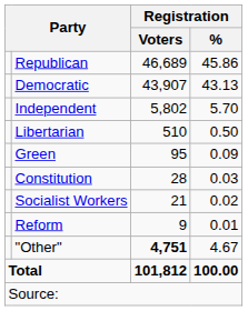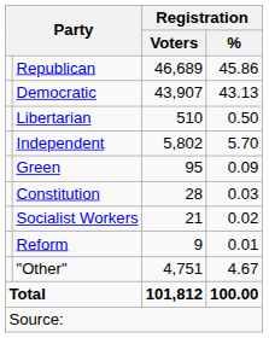 <table class="wikitable">
 <tr>
 <th colspan="2" rowspan="2">Party</th>
 <th colspan="2">Registration</th>
 </tr>
 <tr>
 <th>Voters</th>
 <th>%</th>
 </tr>
 <tr>
 <td style="background-color:"></td>
 <td><a href='#'>Republican</a></td>
 <td style="text-align:right;">46,689</td>
 <td style="text-align:right;">45.86</td>
 </tr>
 <tr>
 <td style="background-color:"></td>
 <td><a href='#'>Democratic</a></td>
 <td style="text-align:right;">43,907</td>
 <td style="text-align:right;">43.13</td>
 </tr>
 <tr>
 <td style="background-color:"></td>
+<td><a href='#'>Libertarian</a></td>
+<td style="text-align:right;">510</td>
+<td style="text-align:right;">0.50</td>
+</tr>
+<tr>
+<td style="background-color:"></td>
 <td><a href='#'>Independent</a></td>
 <td style="text-align:right;">5,802</td>
 <td style="text-align:right;">5.70</td>
-</tr>
-<tr>
-<td style="background-color:"></td>
-<td><a href='#'>Libertarian</a></td>
-<td style="text-align:right;">510</td>
-<td style="text-align:right;">0.50</td>
 </tr>
 <tr>
 <td style="background-color:"></td>
 <td><a href='#'>Green</a></td>
 <td style="text-align:right;">95</td>
 <td style="text-align:right;">0.09</td>
 </tr>
 <tr>
 <td style="background-color:"></td>
 <td><a href='#'>Constitution</a></td>
 <td style="text-align:right;">28</td>
 <td style="text-align:right;">0.03</td>
 </tr>
 <tr>
 <td style="background-color:"></td>
 <td><a href='#'>Socialist Workers</a></td>
 <td style="text-align:right;">21</td>
 <td style="text-align:right;">0.02</td>
 </tr>
 <tr>
 <td style="background-color:"></td>
 <td><a href='#'>Reform</a></td>
 <td style="text-align:right;">9</td>
 <td style="text-align:right;">0.01</td>
 </tr>
 <tr>
 <td></td>
 <td>"Other"</td>
-<td style="text-align:right;"><strong>4,751</strong></td>
+<td style="text-align:right;">4,751</td>
 <td style="text-align:right;">4.67</td>
 </tr>
 <tr>
 <td colspan="2"><strong>Total</strong></td>
 <td style="text-align:right;"><strong>101,812</strong></td>
 <td style="text-align:right;"><strong>100.00</strong></td>
 </tr>
 <tr>
 <td colspan="4">Source: <em></em></td>
 </tr>
 </table>
